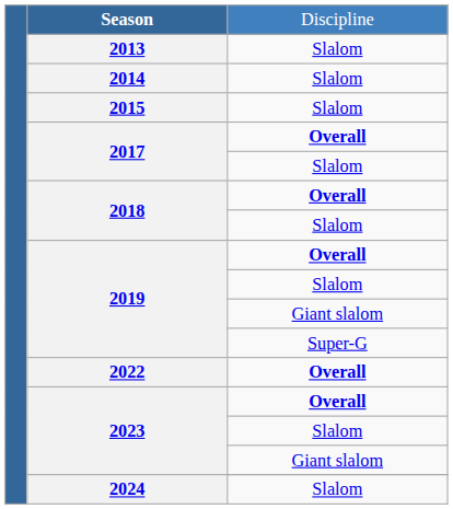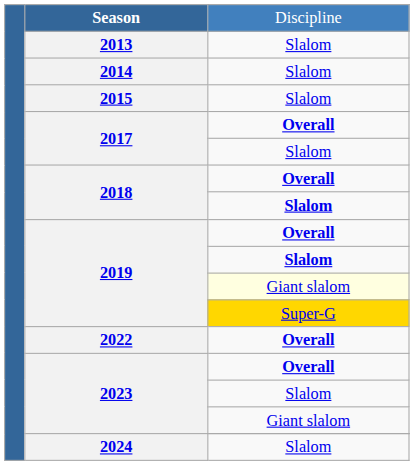 <table class="wikitable"  style="font-size:95%; text-align:center; border:gray solid 1px; width:30%;">
 <tr style="background:#369; color:white;">
 <td rowspan="19" width="1%"></td>
 <td rowspan="2" style="width:10%;"><strong>Season</strong></td>
 </tr>
 <tr style="background:#4180be; color:white;">
 <td style="width:10%;">Discipline</td>
 </tr>
 <tr>
 <th><a href='#'>2013</a></th>
 <td><a href='#'>Slalom</a></td>
 </tr>
 <tr>
 <th><a href='#'>2014</a></th>
 <td><a href='#'>Slalom</a></td>
 </tr>
 <tr>
 <th><a href='#'>2015</a></th>
 <td><a href='#'>Slalom</a></td>
 </tr>
 <tr>
 <th rowspan=2><a href='#'>2017</a></th>
 <td><strong><a href='#'>Overall</a></strong></td>
 </tr>
 <tr>
 <td><a href='#'>Slalom</a></td>
 </tr>
 <tr>
 <th rowspan=2><a href='#'>2018</a></th>
 <td><strong><a href='#'>Overall</a></strong></td>
 </tr>
 <tr>
-<td><a href='#'>Slalom</a></td>
+<td><strong><a href='#'>Slalom</a></strong></td>
 </tr>
 <tr>
 <th rowspan=4><a href='#'>2019</a></th>
 <td><strong><a href='#'>Overall</a></strong></td>
 </tr>
 <tr>
-<td><a href='#'>Slalom</a></td>
+<td><strong><a href='#'>Slalom</a></strong></td>
 </tr>
 <tr>
-<td><a href='#'>Giant slalom</a></td>
+<td style="background: lightyellow;"><a href='#'>Giant slalom</a></td>
 </tr>
 <tr>
-<td><a href='#'>Super-G</a></td>
+<td style="background: gold;"><a href='#'>Super-G</a></td>
 </tr>
 <tr>
 <th><a href='#'>2022</a></th>
 <td><strong><a href='#'>Overall</a></strong></td>
 </tr>
 <tr>
 <th rowspan=3><a href='#'>2023</a></th>
 <td><strong><a href='#'>Overall</a></strong></td>
 </tr>
 <tr>
 <td><a href='#'>Slalom</a></td>
 </tr>
 <tr>
 <td><a href='#'>Giant slalom</a></td>
 </tr>
 <tr>
 <th rowspan=2><a href='#'>2024</a></th>
 </tr>
 <tr>
 <td><a href='#'>Slalom</a></td>
 </tr>
 </table>
